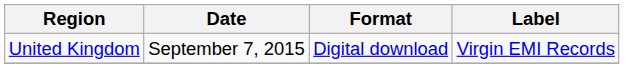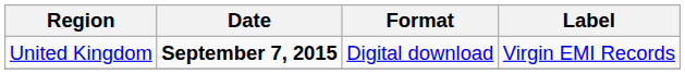 <table class=wikitable>
 <tr>
 <th>Region</th>
 <th>Date</th>
 <th>Format</th>
 <th>Label</th>
 </tr>
 <tr>
 <td><a href='#'>United Kingdom</a></td>
-<td>September 7, 2015</td>
+<td><strong>September 7, 2015</strong></td>
 <td><a href='#'>Digital download</a></td>
 <td><a href='#'>Virgin EMI Records</a></td>
 </tr>
 <tr>
 </tr>
 </table>
